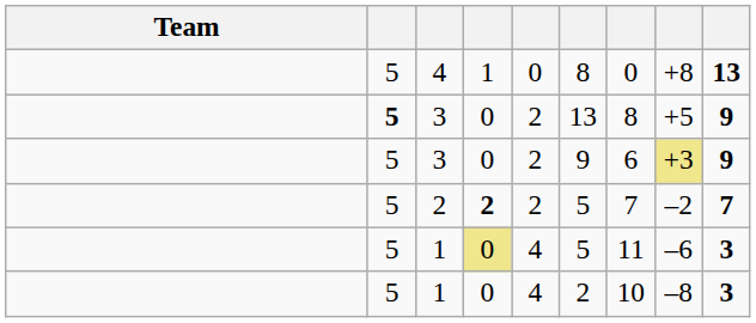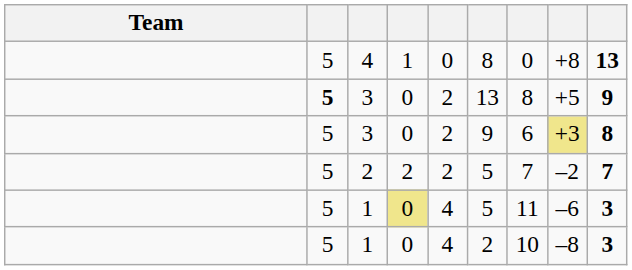 <table class="wikitable" style="text-align: center;">
 <tr>
 <th width=200>Team</th>
 <th width=20></th>
 <th width=20></th>
 <th width=20></th>
 <th width=20></th>
 <th width=20></th>
 <th width=20></th>
 <th width=20></th>
 <th width=20></th>
 </tr>
 <tr>
 <td align=left></td>
 <td>5</td>
 <td>4</td>
 <td>1</td>
 <td>0</td>
 <td>8</td>
 <td>0</td>
 <td>+8</td>
 <td><strong>13</strong></td>
 </tr>
 <tr>
 <td align=left></td>
 <td><strong>5</strong></td>
 <td>3</td>
 <td>0</td>
 <td>2</td>
 <td>13</td>
 <td>8</td>
 <td>+5</td>
 <td><strong>9</strong></td>
 </tr>
 <tr>
 <td align=left></td>
 <td>5</td>
 <td>3</td>
 <td>0</td>
 <td>2</td>
 <td>9</td>
 <td>6</td>
 <td style="background: khaki;">+3</td>
-<td><strong>9</strong></td>
+<td><strong>8</strong></td>
 </tr>
 <tr>
 <td align=left></td>
 <td>5</td>
 <td>2</td>
-<td><strong>2</strong></td>
+<td>2</td>
 <td>2</td>
 <td>5</td>
 <td>7</td>
 <td>–2</td>
 <td><strong>7</strong></td>
 </tr>
 <tr>
 <td align=left></td>
 <td>5</td>
 <td>1</td>
 <td style="background: khaki;">0</td>
 <td>4</td>
 <td>5</td>
 <td>11</td>
 <td>–6</td>
 <td><strong>3</strong></td>
 </tr>
 <tr>
 <td align=left></td>
 <td>5</td>
 <td>1</td>
 <td>0</td>
 <td>4</td>
 <td>2</td>
 <td>10</td>
 <td>–8</td>
 <td><strong>3</strong></td>
 </tr>
 </table>
